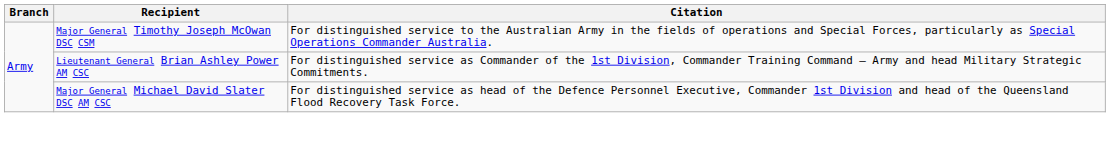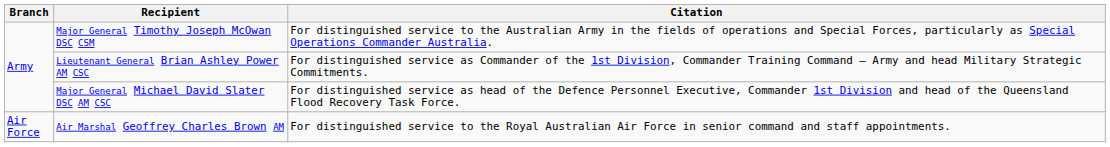 <table class="wikitable" style="font-size:95%;">
 <tr>
 <th scope="col" width="50">Branch</th>
 <th scope="col" width="260">Recipient</th>
 <th>Citation</th>
 </tr>
 <tr>
 <td rowspan="3"><a href='#'>Army</a></td>
 <td><small><a href='#'>Major General</a></small> <a href='#'>Timothy Joseph McOwan</a> <small><a href='#'>DSC</a> <a href='#'>CSM</a></small></td>
 <td>For distinguished service to the Australian Army in the fields of operations and Special Forces, particularly as <a href='#'>Special Operations Commander Australia</a>.</td>
 </tr>
 <tr>
 <td><small><a href='#'>Lieutenant General</a></small> <a href='#'>Brian Ashley Power</a> <small><a href='#'>AM</a> <a href='#'>CSC</a></small></td>
 <td>For distinguished service as Commander of the <a href='#'>1st Division</a>, Commander Training Command – Army and head Military Strategic Commitments.</td>
 </tr>
 <tr>
 <td><small><a href='#'>Major General</a></small> <a href='#'>Michael David Slater</a> <small><a href='#'>DSC</a> <a href='#'>AM</a> <a href='#'>CSC</a></small></td>
 <td>For distinguished service as head of the Defence Personnel Executive, Commander <a href='#'>1st Division</a> and head of the Queensland Flood Recovery Task Force.</td>
 </tr>
+<tr>
+<td><a href='#'>Air Force</a></td>
+<td><small><a href='#'>Air Marshal</a></small> <a href='#'>Geoffrey Charles Brown</a> <small><a href='#'>AM</a></small></td>
+<td>For distinguished service to the Royal Australian Air Force in senior command and staff appointments.</td>
+</tr>
 </table>
